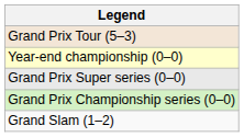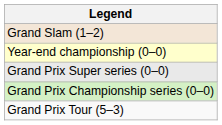 <table class="wikitable">
 <tr>
 <th>Legend</th>
 </tr>
 <tr style="background:#f3e6d7;">
-<td>Grand Prix Tour (5–3)</td>
+<td>Grand Slam (1–2)</td>
 </tr>
 <tr style="background:#ffffcc;">
 <td>Year-end championship (0–0)</td>
 </tr>
 <tr style="background:#e9e9e9;">
 <td>Grand Prix Super series (0–0)</td>
 </tr>
 <tr style="background:#d4f1c5;">
 <td>Grand Prix Championship series (0–0)</td>
 </tr>
 <tr bgcolor="">
-<td>Grand Slam (1–2)</td>
+<td>Grand Prix Tour (5–3)</td>
 </tr>
 </table>
